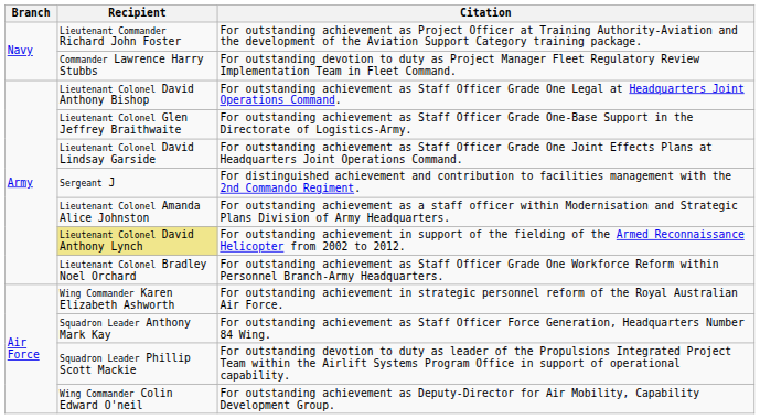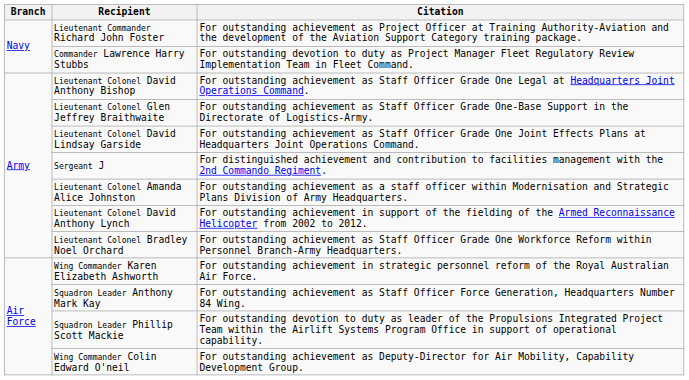 <table class="wikitable" style="font-size:95%;">
 <tr>
 <th>Branch</th>
 <th>Recipient</th>
 <th>Citation</th>
 </tr>
 <tr>
 <td rowspan="2"><a href='#'>Navy</a></td>
 <td><small>Lieutenant Commander</small> Richard John Foster </td>
 <td>For outstanding achievement as Project Officer at Training Authority-Aviation and the development of the Aviation Support Category training package.</td>
 </tr>
 <tr>
 <td><small>Commander</small> Lawrence Harry Stubbs </td>
 <td>For outstanding devotion to duty as Project Manager Fleet Regulatory Review Implementation Team in Fleet Command.</td>
 </tr>
 <tr>
 <td rowspan="7"><a href='#'>Army</a></td>
 <td><small>Lieutenant Colonel</small> David Anthony Bishop</td>
 <td>For outstanding achievement as Staff Officer Grade One Legal at <a href='#'>Headquarters Joint Operations Command</a>.</td>
 </tr>
 <tr>
 <td><small>Lieutenant Colonel</small> Glen Jeffrey Braithwaite</td>
 <td>For outstanding achievement as Staff Officer Grade One-Base Support in the Directorate of Logistics-Army.</td>
 </tr>
 <tr>
 <td><small>Lieutenant Colonel</small> David Lindsay Garside</td>
 <td>For outstanding achievement as Staff Officer Grade One Joint Effects Plans at Headquarters Joint Operations Command.</td>
 </tr>
 <tr>
 <td><small>Sergeant</small> J</td>
 <td>For distinguished achievement and contribution to facilities management with the <a href='#'>2nd Commando Regiment</a>.</td>
 </tr>
 <tr>
 <td><small>Lieutenant Colonel</small> Amanda Alice Johnston</td>
 <td>For outstanding achievement as a staff officer within Modernisation and Strategic Plans Division of Army Headquarters.</td>
 </tr>
 <tr>
-<td style="background: khaki;"><small>Lieutenant Colonel</small> David Anthony Lynch</td>
+<td><small>Lieutenant Colonel</small> David Anthony Lynch</td>
 <td>For outstanding achievement in support of the fielding of the <a href='#'>Armed Reconnaissance Helicopter</a> from 2002 to 2012.</td>
 </tr>
 <tr>
 <td><small>Lieutenant Colonel</small> Bradley Noel Orchard</td>
 <td>For outstanding achievement as Staff Officer Grade One Workforce Reform within Personnel Branch-Army Headquarters.</td>
 </tr>
 <tr>
 <td rowspan="4"><a href='#'>Air Force</a></td>
 <td><small>Wing Commander</small> Karen Elizabeth Ashworth</td>
 <td>For outstanding achievement in strategic personnel reform of the Royal Australian Air Force.</td>
 </tr>
 <tr>
 <td><small>Squadron Leader</small> Anthony Mark Kay</td>
 <td>For outstanding achievement as Staff Officer Force Generation, Headquarters Number 84 Wing.</td>
 </tr>
 <tr>
 <td><small>Squadron Leader</small> Phillip Scott Mackie </td>
 <td>For outstanding devotion to duty as leader of the Propulsions Integrated Project Team within the Airlift Systems Program Office in support of operational capability.</td>
 </tr>
 <tr>
 <td><small>Wing Commander</small> Colin Edward O'neil</td>
 <td>For outstanding achievement as Deputy-Director for Air Mobility, Capability Development Group.</td>
 </tr>
 </table>
